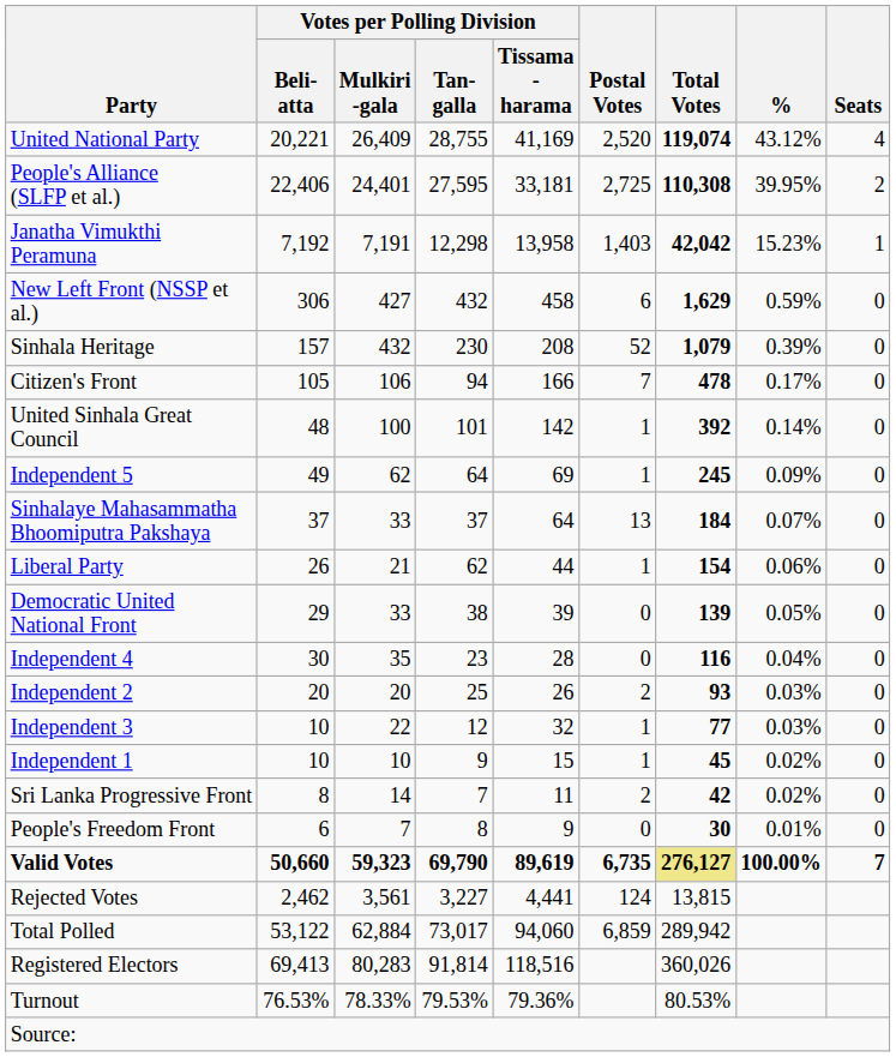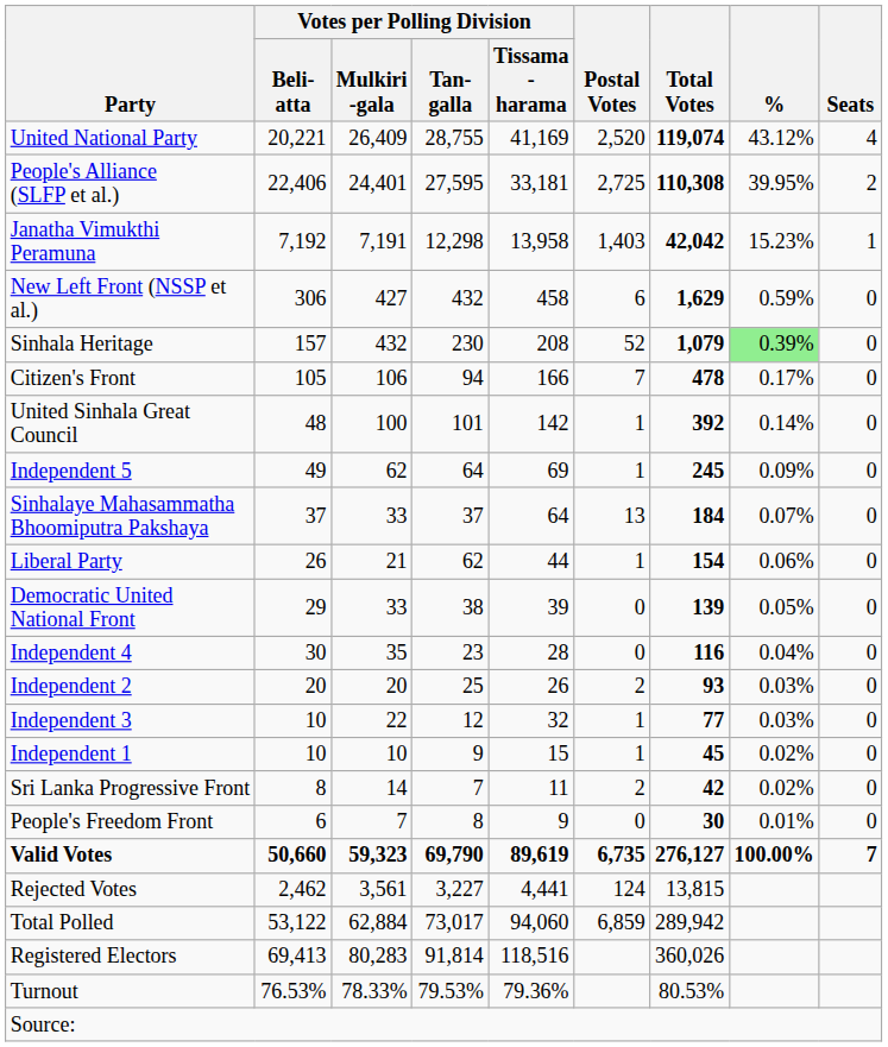 <table class="wikitable" style="text-align:right;">
 <tr>
 <th align=left valign=bottom rowspan=2 width="180">Party</th>
 <th colspan=4>Votes per Polling Division</th>
 <th align=center valign=bottom rowspan=2 width="50">Postal<br>Votes</th>
 <th align=center valign=bottom rowspan=2 width="50">Total Votes</th>
 <th align=center valign=bottom rowspan=2 width="50">%</th>
 <th align=center valign=bottom rowspan=2 width="40">Seats</th>
 </tr>
 <tr>
 <th align=center valign=bottom width="50">Beli-<br>atta</th>
 <th align=center valign=bottom width="50">Mulkiri<br>-gala</th>
 <th align=center valign=bottom width="50">Tan-<br>galla</th>
 <th align=center valign=bottom width="50">Tissama<br>-harama</th>
 </tr>
 <tr>
 <td align=left><a href='#'>United National Party</a></td>
 <td>20,221</td>
 <td>26,409</td>
 <td>28,755</td>
 <td>41,169</td>
 <td>2,520</td>
 <td><strong>119,074</strong></td>
 <td>43.12%</td>
 <td>4</td>
 </tr>
 <tr>
 <td align=left><a href='#'>People's Alliance</a><br>(<a href='#'>SLFP</a> et al.)</td>
 <td>22,406</td>
 <td>24,401</td>
 <td>27,595</td>
 <td>33,181</td>
 <td>2,725</td>
 <td><strong>110,308</strong></td>
 <td>39.95%</td>
 <td>2</td>
 </tr>
 <tr>
 <td align=left><a href='#'>Janatha Vimukthi Peramuna</a></td>
 <td>7,192</td>
 <td>7,191</td>
 <td>12,298</td>
 <td>13,958</td>
 <td>1,403</td>
 <td><strong>42,042</strong></td>
 <td>15.23%</td>
 <td>1</td>
 </tr>
 <tr>
 <td align=left><a href='#'>New Left Front</a> (<a href='#'>NSSP</a> et al.)</td>
 <td>306</td>
 <td>427</td>
 <td>432</td>
 <td>458</td>
 <td>6</td>
 <td><strong>1,629</strong></td>
 <td>0.59%</td>
 <td>0</td>
 </tr>
 <tr>
 <td align=left>Sinhala Heritage</td>
 <td>157</td>
 <td>432</td>
 <td>230</td>
 <td>208</td>
 <td>52</td>
 <td><strong>1,079</strong></td>
-<td>0.39%</td>
+<td style="background: lightgreen;">0.39%</td>
 <td>0</td>
 </tr>
 <tr>
 <td align=left>Citizen's Front</td>
 <td>105</td>
 <td>106</td>
 <td>94</td>
 <td>166</td>
 <td>7</td>
 <td><strong>478</strong></td>
 <td>0.17%</td>
 <td>0</td>
 </tr>
 <tr>
 <td align=left>United Sinhala Great Council</td>
 <td>48</td>
 <td>100</td>
 <td>101</td>
 <td>142</td>
 <td>1</td>
 <td><strong>392</strong></td>
 <td>0.14%</td>
 <td>0</td>
 </tr>
 <tr>
 <td align=left><a href='#'>Independent 5</a></td>
 <td>49</td>
 <td>62</td>
 <td>64</td>
 <td>69</td>
 <td>1</td>
 <td><strong>245</strong></td>
 <td>0.09%</td>
 <td>0</td>
 </tr>
 <tr>
 <td align=left><a href='#'>Sinhalaye Mahasammatha Bhoomiputra Pakshaya</a></td>
 <td>37</td>
 <td>33</td>
 <td>37</td>
 <td>64</td>
 <td>13</td>
 <td><strong>184</strong></td>
 <td>0.07%</td>
 <td>0</td>
 </tr>
 <tr>
 <td align=left><a href='#'>Liberal Party</a></td>
 <td>26</td>
 <td>21</td>
 <td>62</td>
 <td>44</td>
 <td>1</td>
 <td><strong>154</strong></td>
 <td>0.06%</td>
 <td>0</td>
 </tr>
 <tr>
 <td align=left><a href='#'>Democratic United National Front</a></td>
 <td>29</td>
 <td>33</td>
 <td>38</td>
 <td>39</td>
 <td>0</td>
 <td><strong>139</strong></td>
 <td>0.05%</td>
 <td>0</td>
 </tr>
 <tr>
 <td align=left><a href='#'>Independent 4</a></td>
 <td>30</td>
 <td>35</td>
 <td>23</td>
 <td>28</td>
 <td>0</td>
 <td><strong>116</strong></td>
 <td>0.04%</td>
 <td>0</td>
 </tr>
 <tr>
 <td align=left><a href='#'>Independent 2</a></td>
 <td>20</td>
 <td>20</td>
 <td>25</td>
 <td>26</td>
 <td>2</td>
 <td><strong>93</strong></td>
 <td>0.03%</td>
 <td>0</td>
 </tr>
 <tr>
 <td align=left><a href='#'>Independent 3</a></td>
 <td>10</td>
 <td>22</td>
 <td>12</td>
 <td>32</td>
 <td>1</td>
 <td><strong>77</strong></td>
 <td>0.03%</td>
 <td>0</td>
 </tr>
 <tr>
 <td align=left><a href='#'>Independent 1</a></td>
 <td>10</td>
 <td>10</td>
 <td>9</td>
 <td>15</td>
 <td>1</td>
 <td><strong>45</strong></td>
 <td>0.02%</td>
 <td>0</td>
 </tr>
 <tr>
 <td align=left>Sri Lanka Progressive Front</td>
 <td>8</td>
 <td>14</td>
 <td>7</td>
 <td>11</td>
 <td>2</td>
 <td><strong>42</strong></td>
 <td>0.02%</td>
 <td>0</td>
 </tr>
 <tr>
 <td align=left>People's Freedom Front</td>
 <td>6</td>
 <td>7</td>
 <td>8</td>
 <td>9</td>
 <td>0</td>
 <td><strong>30</strong></td>
 <td>0.01%</td>
 <td>0</td>
 </tr>
 <tr>
 <td align=left><strong>Valid Votes</strong></td>
 <td><strong>50,660</strong></td>
 <td><strong>59,323</strong></td>
 <td><strong>69,790</strong></td>
 <td><strong>89,619</strong></td>
 <td><strong>6,735</strong></td>
-<td style="background: khaki;"><strong>276,127</strong></td>
+<td><strong>276,127</strong></td>
 <td><strong>100.00%</strong></td>
 <td><strong>7</strong></td>
 </tr>
 <tr>
 <td align=left>Rejected Votes</td>
 <td>2,462</td>
 <td>3,561</td>
 <td>3,227</td>
 <td>4,441</td>
 <td>124</td>
 <td>13,815</td>
 <td></td>
 <td></td>
 </tr>
 <tr>
 <td align=left>Total Polled</td>
 <td>53,122</td>
 <td>62,884</td>
 <td>73,017</td>
 <td>94,060</td>
 <td>6,859</td>
 <td>289,942</td>
 <td></td>
 <td></td>
 </tr>
 <tr>
 <td align=left>Registered Electors</td>
 <td>69,413</td>
 <td>80,283</td>
 <td>91,814</td>
 <td>118,516</td>
 <td></td>
 <td>360,026</td>
 <td></td>
 <td></td>
 </tr>
 <tr>
 <td align=left>Turnout</td>
 <td>76.53%</td>
 <td>78.33%</td>
 <td>79.53%</td>
 <td>79.36%</td>
 <td></td>
 <td>80.53%</td>
 <td></td>
 <td></td>
 </tr>
 <tr>
 <td align=left colspan=10>Source:</td>
 </tr>
 </table>
